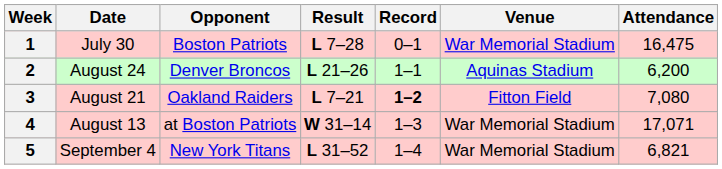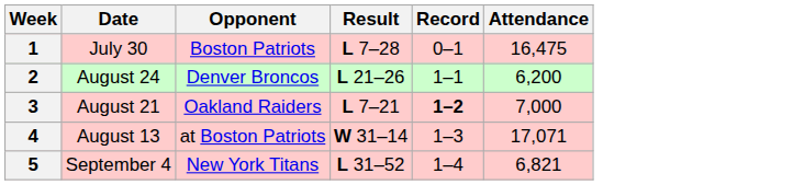 <table class="wikitable" style="text-align:center">
 <tr>
 <th>Week</th>
 <th>Date</th>
 <th>Opponent</th>
 <th>Result</th>
 <th>Record</th>
-<th>Venue</th>
 <th>Attendance</th>
 </tr>
 <tr style="background:#fcc">
 <th>1</th>
 <td>July 30</td>
 <td><a href='#'>Boston Patriots</a></td>
 <td><strong>L</strong> 7–28</td>
 <td>0–1</td>
-<td><a href='#'>War Memorial Stadium</a></td>
 <td>16,475</td>
 </tr>
 <tr style="background:#cfc">
 <th>2</th>
 <td>August 24</td>
 <td><a href='#'>Denver Broncos</a></td>
 <td><strong>L</strong> 21–26</td>
 <td>1–1</td>
-<td><a href='#'>Aquinas Stadium</a></td>
 <td>6,200</td>
 </tr>
 <tr style="background:#fcc">
 <th>3</th>
 <td>August 21</td>
 <td><a href='#'>Oakland Raiders</a></td>
 <td><strong>L</strong> 7–21</td>
 <td><strong>1–2</strong></td>
-<td><a href='#'>Fitton Field</a></td>
-<td>7,080</td>
+<td>7,000</td>
 </tr>
 <tr style="background:#fcc">
 <th>4</th>
 <td>August 13</td>
 <td>at <a href='#'>Boston Patriots</a></td>
 <td><strong>W</strong> 31–14</td>
 <td>1–3</td>
-<td>War Memorial Stadium</td>
 <td>17,071</td>
 </tr>
 <tr style="background:#fcc">
 <th>5</th>
 <td>September 4</td>
 <td><a href='#'>New York Titans</a></td>
 <td><strong>L</strong> 31–52</td>
 <td>1–4</td>
-<td>War Memorial Stadium</td>
 <td>6,821</td>
 </tr>
 </table>
